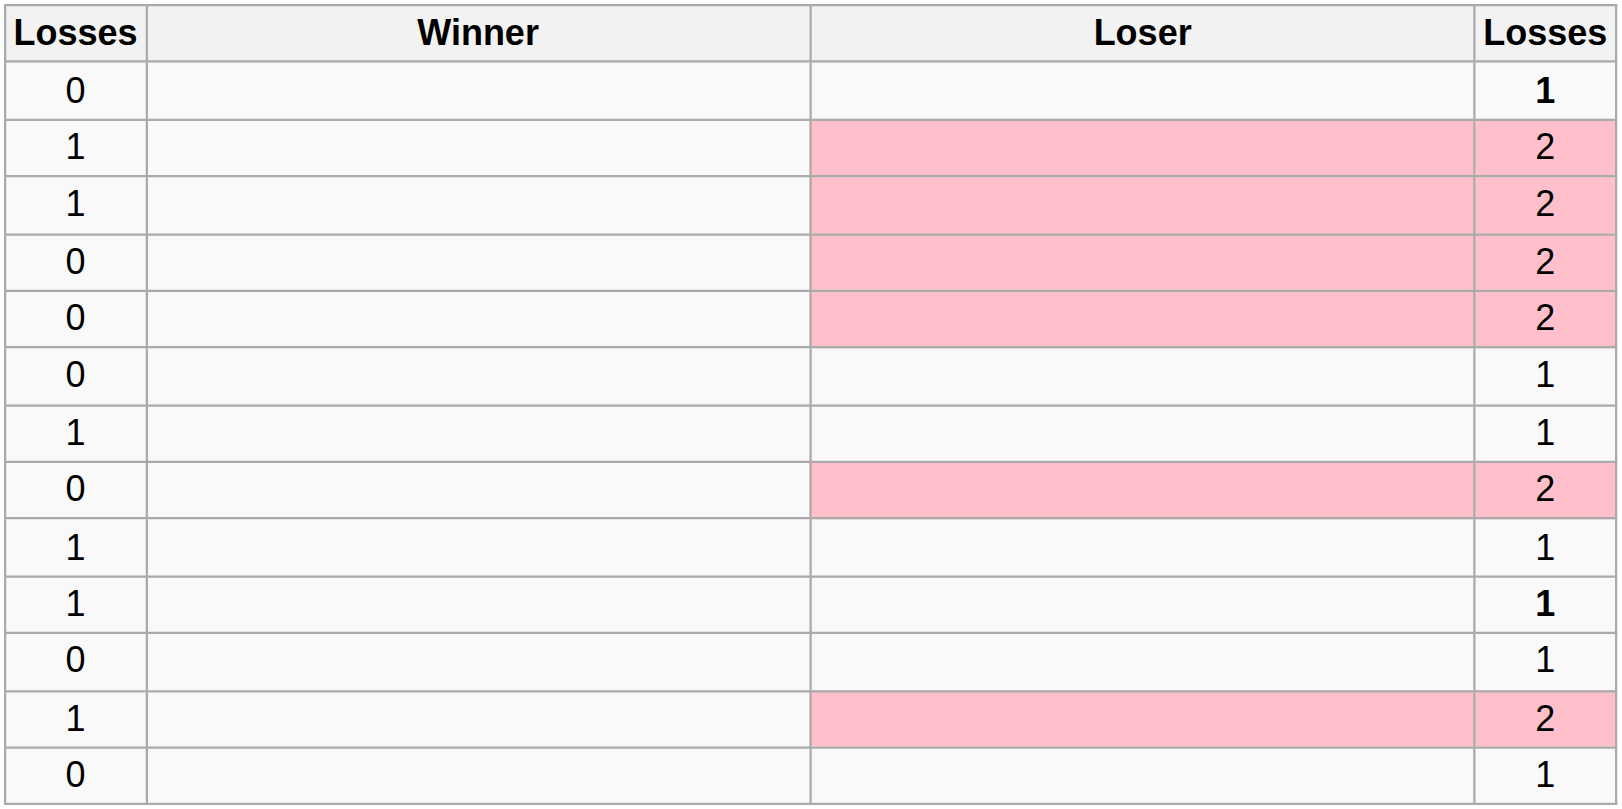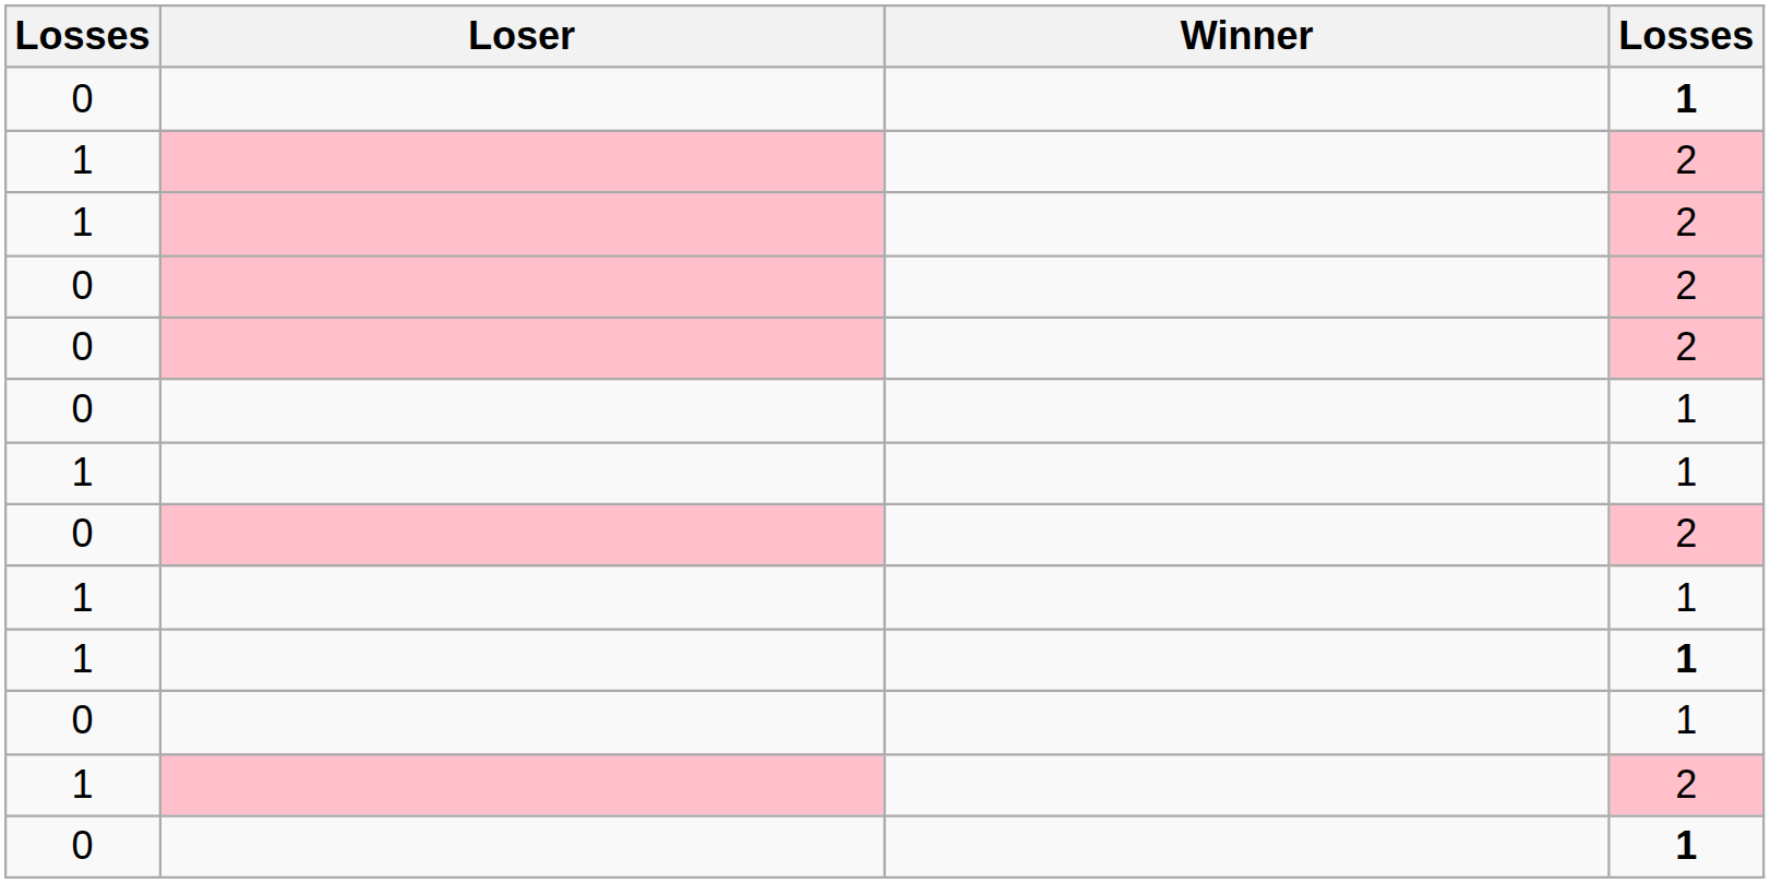 <table class=wikitable>
 <tr>
 <th style="width:0.5em">Losses</th>
+<th style="width:18em">Loser</th>
 <th style="width:18em">Winner</th>
-<th style="width:18em">Loser</th>
 <th style="width:0.5em">Losses</th>
 </tr>
 <tr>
 <td align=center>0</td>
 <td></td>
 <td></td>
 <td align=center><strong>1</strong></td>
 </tr>
 <tr>
 <td align=center>1</td>
+<td bgcolor=pink></td>
 <td></td>
-<td bgcolor=pink></td>
 <td bgcolor=pink align=center>2</td>
 </tr>
 <tr>
 <td align=center>1</td>
+<td bgcolor=pink></td>
 <td></td>
-<td bgcolor=pink></td>
 <td bgcolor=pink align=center>2</td>
 </tr>
 <tr>
 <td align=center>0</td>
+<td bgcolor=pink></td>
 <td></td>
-<td bgcolor=pink></td>
 <td bgcolor=pink align=center>2</td>
 </tr>
 <tr>
 <td align=center>0</td>
+<td bgcolor=pink></td>
 <td></td>
-<td bgcolor=pink></td>
 <td bgcolor=pink align=center>2</td>
 </tr>
 <tr>
 <td align=center>0</td>
 <td></td>
 <td></td>
 <td align=center>1</td>
 </tr>
 <tr>
 <td align=center>1</td>
 <td></td>
 <td></td>
 <td align=center>1</td>
 </tr>
 <tr>
 <td align=center>0</td>
+<td bgcolor=pink></td>
 <td></td>
-<td bgcolor=pink></td>
 <td bgcolor=pink align=center>2</td>
 </tr>
 <tr>
 <td align=center>1</td>
 <td></td>
 <td></td>
 <td align=center>1</td>
 </tr>
 <tr>
 <td align=center>1</td>
 <td></td>
 <td></td>
 <td align=center><strong>1</strong></td>
 </tr>
 <tr>
 <td align=center>0</td>
 <td></td>
 <td></td>
 <td align=center>1</td>
 </tr>
 <tr>
 <td align=center>1</td>
+<td bgcolor=pink></td>
 <td></td>
-<td bgcolor=pink></td>
 <td bgcolor=pink align=center>2</td>
 </tr>
 <tr>
 <td align=center>0</td>
 <td></td>
 <td></td>
-<td align=center>1</td>
+<td align=center><strong>1</strong></td>
 </tr>
 </table>
